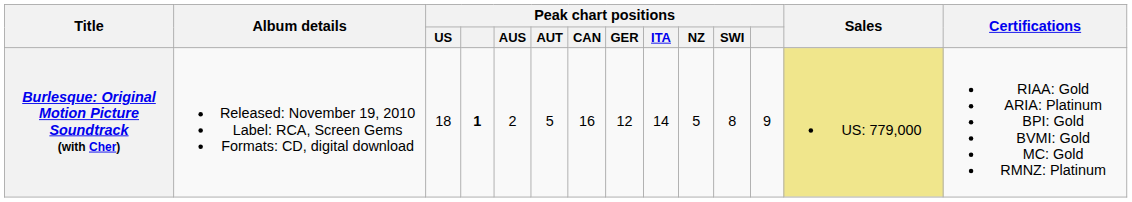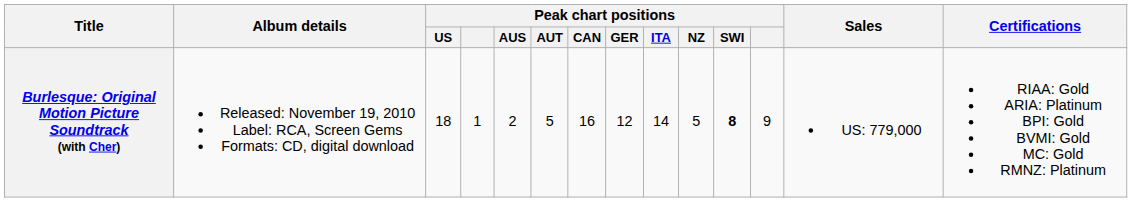 <table class="wikitable plainrowheaders" style="text-align:center;">
 <tr>
 <th scope="col" rowspan="2" style="width:13em;">Title</th>
 <th scope="col" rowspan="2" style="width:20em;">Album details</th>
 <th scope="col" colspan="10">Peak chart positions</th>
 <th scope="col" rowspan="2" style="width:12em;">Sales</th>
 <th scope="col" rowspan="2" style="width:14em;"><a href='#'>Certifications</a></th>
 </tr>
 <tr>
 <th scope="col" style="width:2.5em;font-size:90%;">US<br></th>
 <th scope="col" style="width:2.5em;font-size:90%;"><a href='#'></a><br></th>
 <th scope="col" style="width:2.5em;font-size:90%;">AUS<br></th>
 <th scope="col" style="width:2.5em;font-size:90%;">AUT<br></th>
 <th scope="col" style="width:2.5em;font-size:90%;">CAN<br></th>
 <th scope="col" style="width:2.5em;font-size:90%;">GER<br></th>
 <th scope="col" style="width:2.5em;font-size:90%;"><a href='#'>ITA</a><br></th>
 <th scope="col" style="width:2.5em;font-size:90%;">NZ<br></th>
 <th scope="col" style="width:2.5em;font-size:90%;">SWI<br></th>
 <th scope="col" style="width:2.5em;font-size:90%;"><a href='#'></a><br></th>
 </tr>
 <tr>
 <th scope="row"><em><a href='#'>Burlesque: Original Motion Picture Soundtrack</a></em><br><small>(with <a href='#'>Cher</a>)</small></th>
 <td><br><ul><li>Released: November 19, 2010 </li><li>Label: RCA, Screen Gems</li><li>Formats: CD, digital download</li></ul></td>
 <td>18</td>
-<td><strong>1</strong></td>
+<td>1</td>
 <td>2</td>
 <td>5</td>
 <td>16</td>
 <td>12</td>
 <td>14</td>
 <td>5</td>
-<td>8</td>
+<td><strong>8</strong></td>
 <td>9</td>
-<td style="background: khaki;"><br><ul><li>US: 779,000</li></ul></td>
+<td><br><ul><li>US: 779,000</li></ul></td>
 <td><br><ul><li>RIAA: Gold</li><li>ARIA: Platinum</li><li>BPI: Gold</li><li>BVMI: Gold</li><li>MC: Gold</li><li>RMNZ: Platinum</li></ul></td>
 </tr>
 </table>
